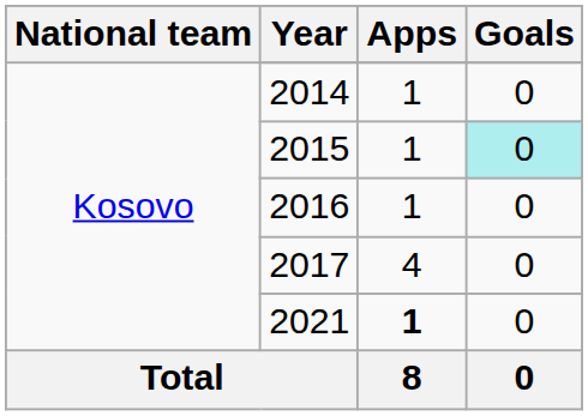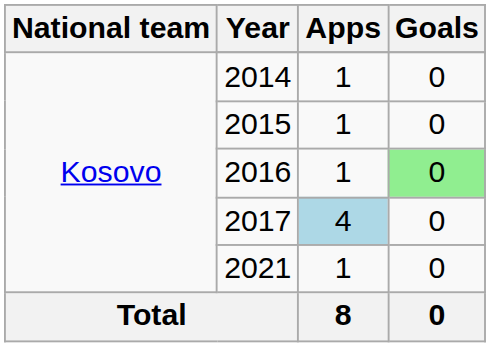 <table class="wikitable" style="text-align:center">
 <tr>
 <th>National team</th>
 <th>Year</th>
 <th>Apps</th>
 <th>Goals</th>
 </tr>
 <tr>
 <td rowspan="6"><a href='#'>Kosovo</a></td>
 </tr>
 <tr>
 <td>2014</td>
 <td>1</td>
 <td>0</td>
 </tr>
 <tr>
 <td>2015</td>
 <td>1</td>
-<td style="background: paleturquoise;">0</td>
+<td>0</td>
 </tr>
 <tr>
 <td>2016</td>
 <td>1</td>
-<td>0</td>
+<td style="background: lightgreen;">0</td>
 </tr>
 <tr>
 <td>2017</td>
-<td>4</td>
+<td style="background: lightblue;">4</td>
 <td>0</td>
 </tr>
 <tr>
 <td>2021</td>
-<td><strong>1</strong></td>
+<td>1</td>
 <td>0</td>
 </tr>
 <tr>
 <th colspan="2">Total</th>
 <th>8</th>
 <th>0</th>
 </tr>
 </table>
